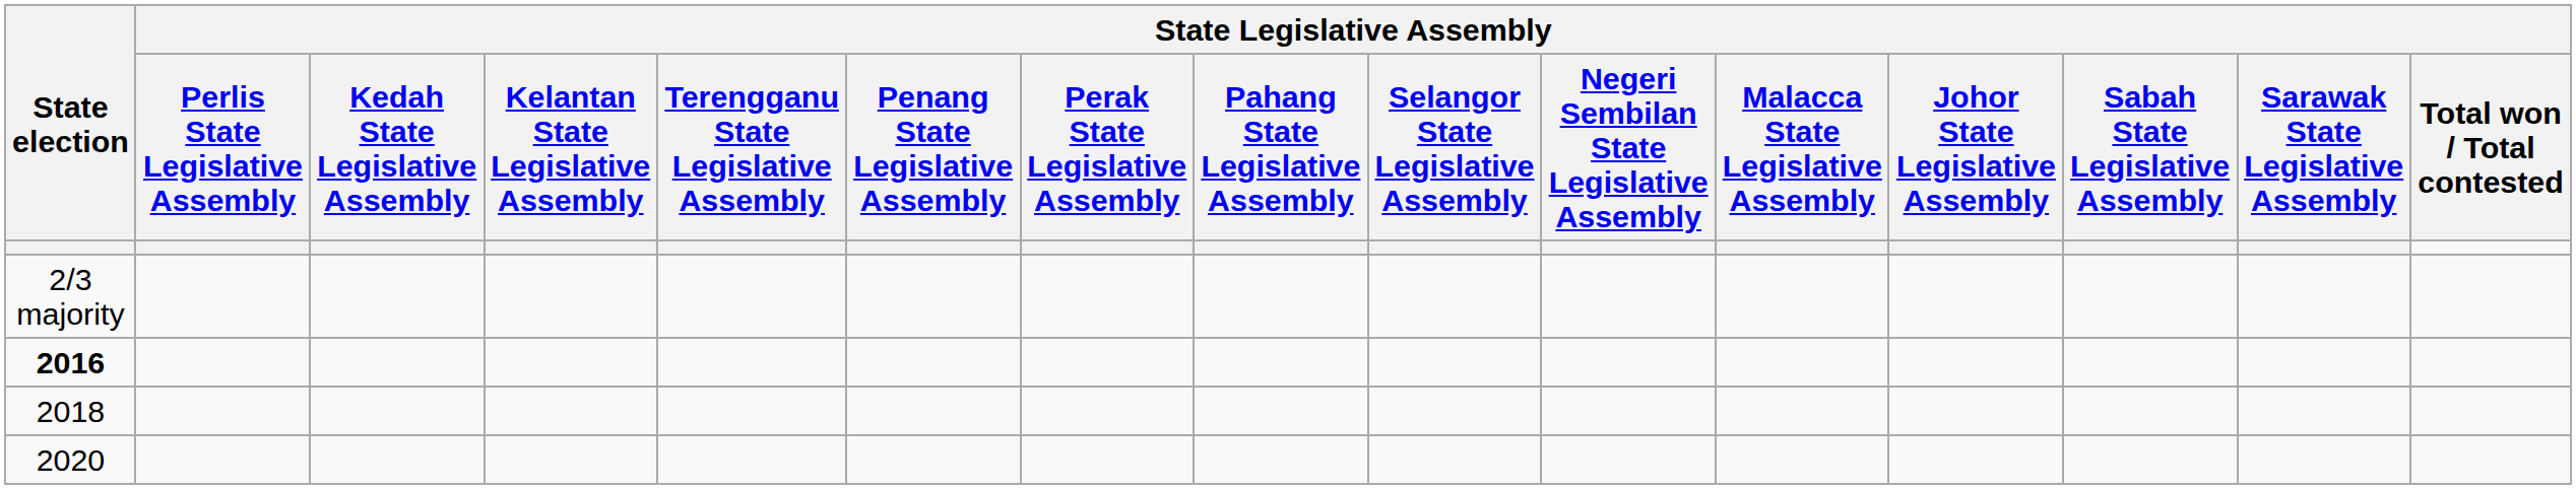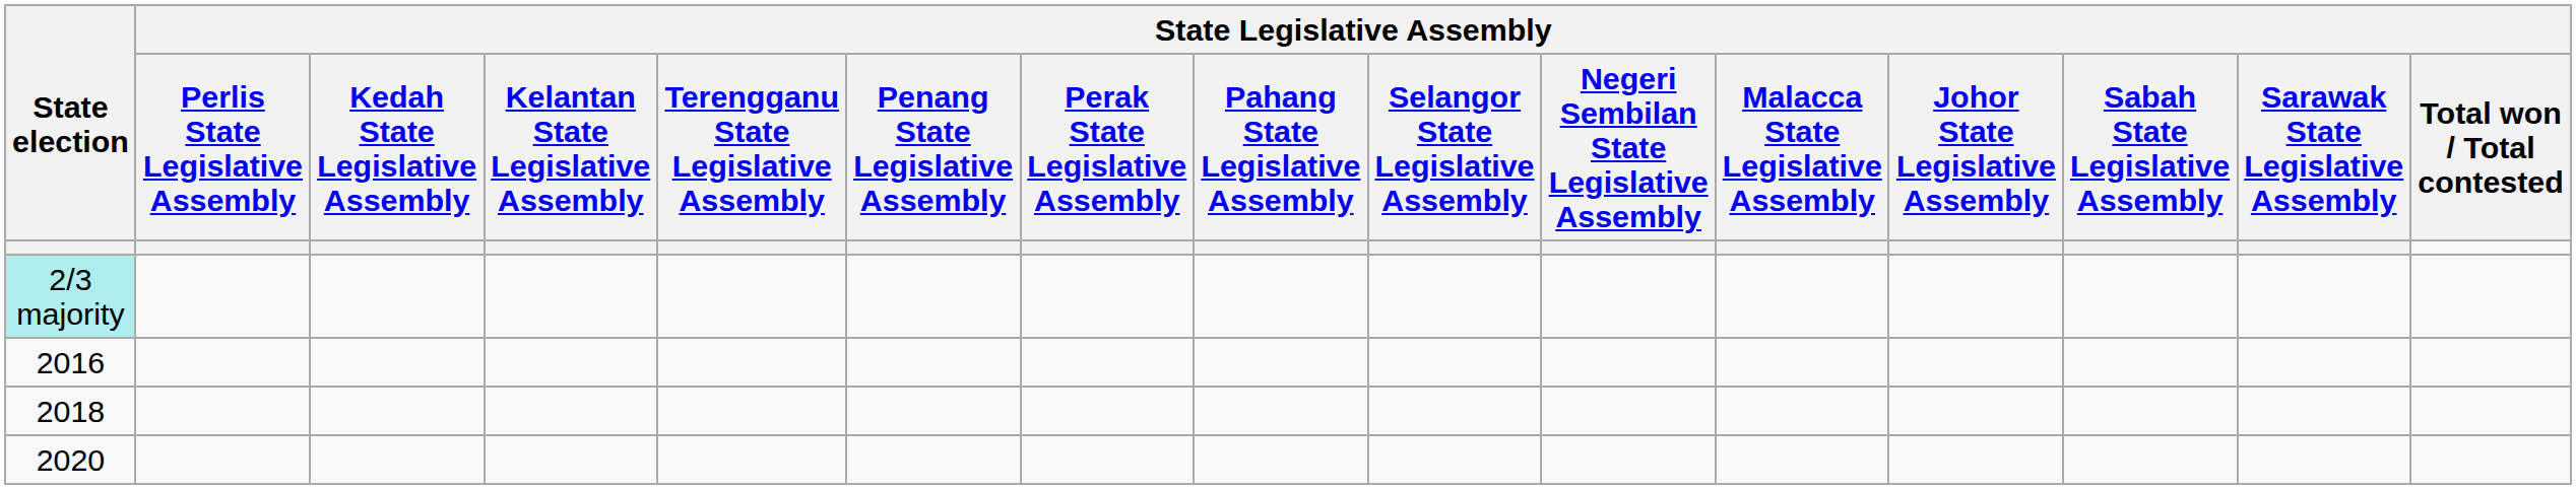 <table class="wikitable sortable" style="text-align:center; font-size:95%">
 <tr>
 <th rowspan=2>State election</th>
 <th colspan=14>State Legislative Assembly</th>
 </tr>
 <tr>
 <th><a href='#'>Perlis State Legislative Assembly</a></th>
 <th><a href='#'>Kedah State Legislative Assembly</a></th>
 <th><a href='#'>Kelantan State Legislative Assembly</a></th>
 <th><a href='#'>Terengganu State Legislative Assembly</a></th>
 <th><a href='#'>Penang State Legislative Assembly</a></th>
 <th><a href='#'>Perak State Legislative Assembly</a></th>
 <th><a href='#'>Pahang State Legislative Assembly</a></th>
 <th><a href='#'>Selangor State Legislative Assembly</a></th>
 <th><a href='#'>Negeri Sembilan State Legislative Assembly</a></th>
 <th><a href='#'>Malacca State Legislative Assembly</a></th>
 <th><a href='#'>Johor State Legislative Assembly</a></th>
 <th><a href='#'>Sabah State Legislative Assembly</a></th>
 <th><a href='#'>Sarawak State Legislative Assembly</a></th>
 <th>Total won / Total contested</th>
 </tr>
 <tr>
 <th></th>
 <th></th>
 <th></th>
 <th></th>
 <th></th>
 <th></th>
 <th></th>
 <th></th>
 <th></th>
 <th></th>
 <th></th>
 <th></th>
 <th></th>
 <th></th>
 </tr>
 <tr>
-<td>2/3 majority</td>
+<td style="background: paleturquoise;">2/3 majority</td>
 <td></td>
 <td></td>
 <td></td>
 <td></td>
 <td></td>
 <td></td>
 <td></td>
 <td></td>
 <td></td>
 <td></td>
 <td></td>
 <td></td>
 <td></td>
 <td></td>
 </tr>
 <tr>
-<td><strong>2016</strong></td>
+<td>2016</td>
 <td></td>
 <td></td>
 <td></td>
 <td></td>
 <td></td>
 <td></td>
 <td></td>
 <td></td>
 <td></td>
 <td></td>
 <td></td>
 <td></td>
 <td></td>
 <td></td>
 </tr>
 <tr>
 <td>2018</td>
 <td></td>
 <td></td>
 <td></td>
 <td></td>
 <td></td>
 <td></td>
 <td></td>
 <td></td>
 <td></td>
 <td></td>
 <td></td>
 <td></td>
 <td></td>
 <td></td>
 </tr>
 <tr>
 <td>2020</td>
 <td></td>
 <td></td>
 <td></td>
 <td></td>
 <td></td>
 <td></td>
 <td></td>
 <td></td>
 <td></td>
 <td></td>
 <td></td>
 <td></td>
 <td></td>
 <td></td>
 </tr>
 </table>
